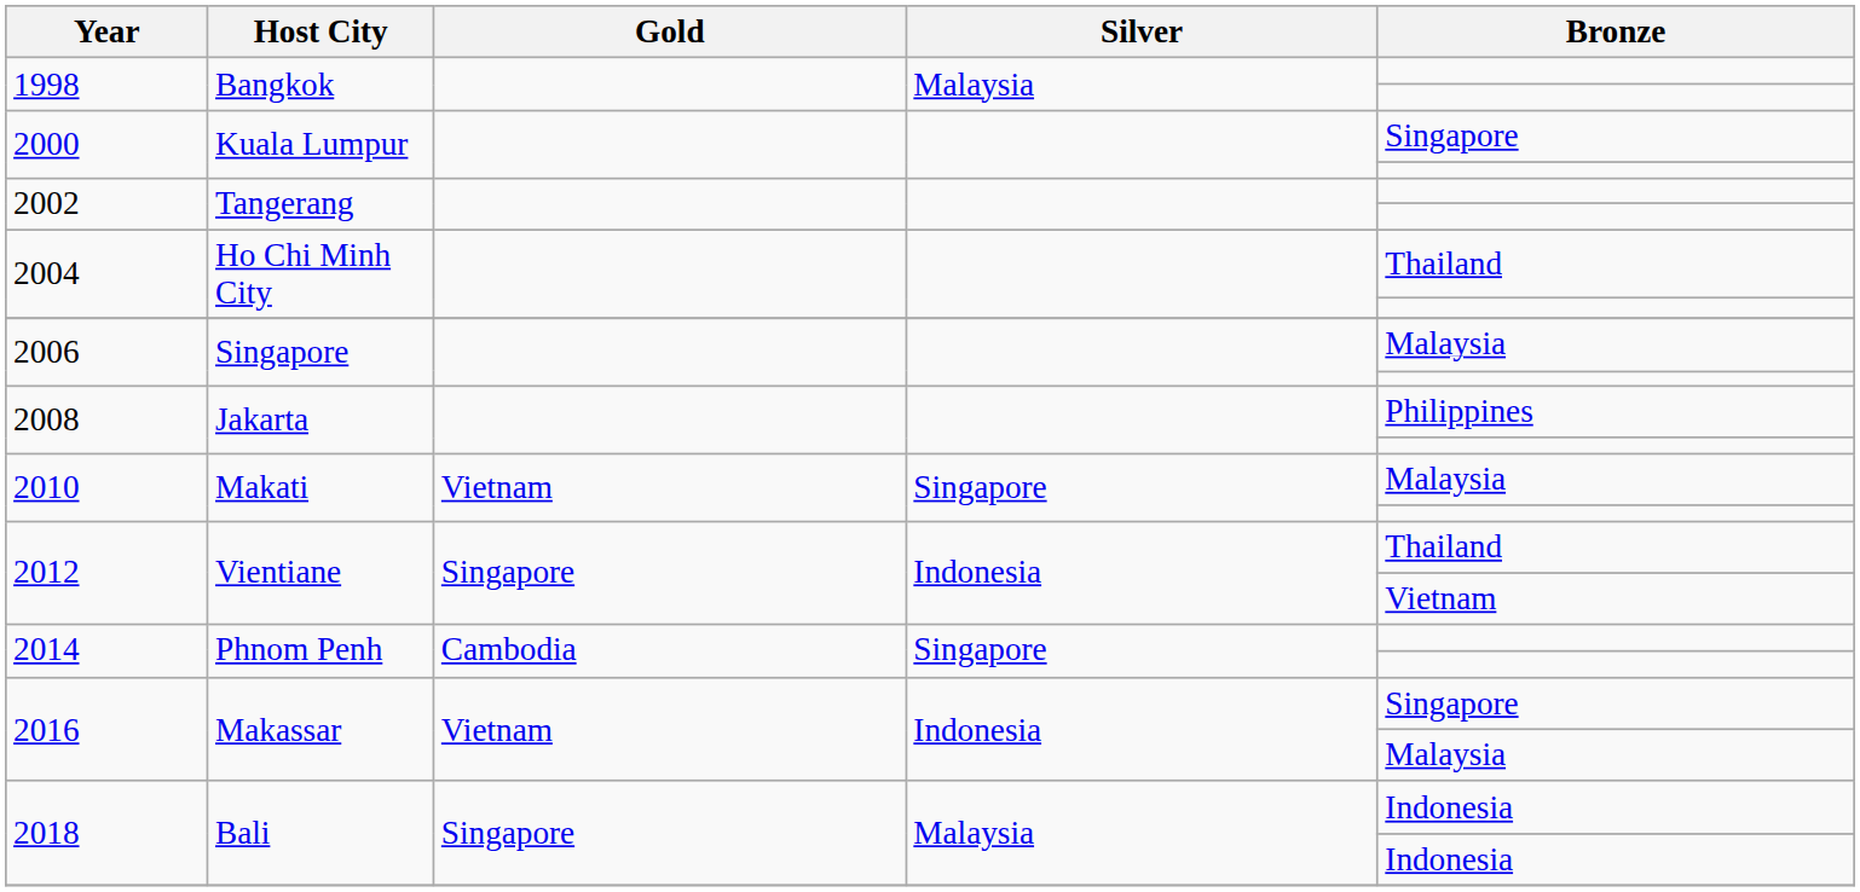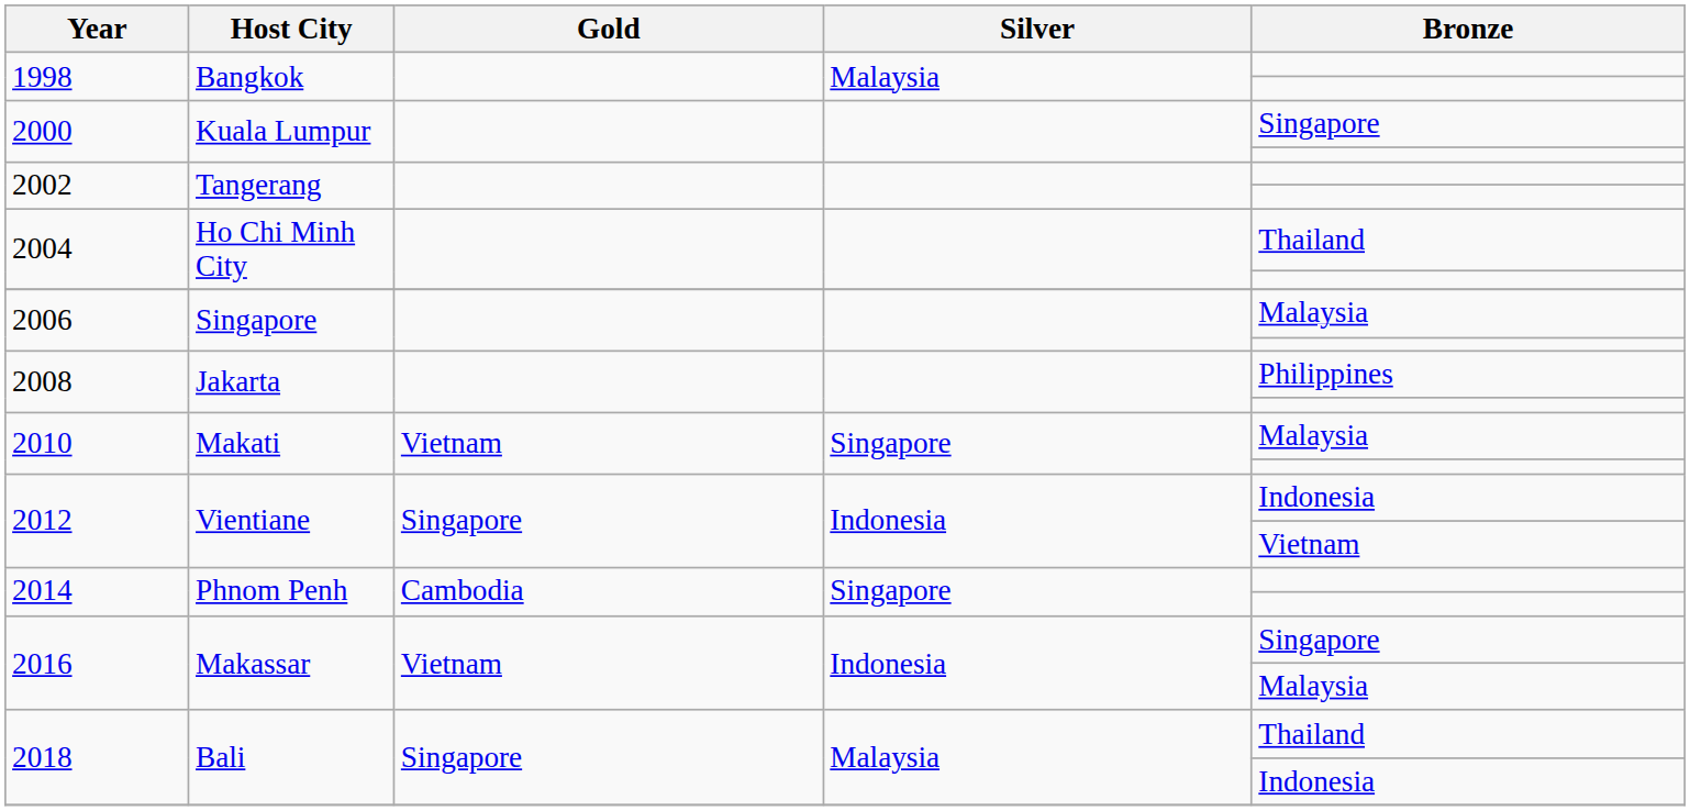 <table class="wikitable sortable" style="width:900px;">
 <tr>
 <th width="120">Year</th>
 <th width="120">Host City</th>
 <th width="300">Gold</th>
 <th width="300">Silver</th>
 <th width="300">Bronze</th>
 </tr>
 <tr>
 <td rowspan=2><a href='#'>1998</a></td>
 <td rowspan=2><a href='#'>Bangkok</a></td>
 <td rowspan=2></td>
 <td rowspan=2> <a href='#'>Malaysia</a></td>
 <td></td>
 </tr>
 <tr>
 <td></td>
 </tr>
 <tr>
 <td rowspan=2><a href='#'>2000</a></td>
 <td rowspan=2><a href='#'>Kuala Lumpur</a></td>
 <td rowspan=2></td>
 <td rowspan=2></td>
 <td> <a href='#'>Singapore</a></td>
 </tr>
 <tr>
 <td></td>
 </tr>
 <tr>
 <td rowspan=2>2002</td>
 <td rowspan=2><a href='#'>Tangerang</a></td>
 <td rowspan=2></td>
 <td rowspan=2></td>
 <td></td>
 </tr>
 <tr>
 <td></td>
 </tr>
 <tr>
 <td rowspan=2>2004</td>
 <td rowspan=2><a href='#'>Ho Chi Minh City</a></td>
 <td rowspan=2></td>
 <td rowspan=2></td>
 <td> <a href='#'>Thailand</a></td>
 </tr>
 <tr>
 <td></td>
 </tr>
 <tr>
 </tr>
 <tr>
 <td rowspan=2>2006</td>
 <td rowspan=2><a href='#'>Singapore</a></td>
 <td rowspan=2></td>
 <td rowspan=2></td>
 <td> <a href='#'>Malaysia</a></td>
 </tr>
 <tr>
 <td></td>
 </tr>
 <tr>
 <td rowspan=2>2008</td>
 <td rowspan=2><a href='#'>Jakarta</a></td>
 <td rowspan=2></td>
 <td rowspan=2></td>
 <td> <a href='#'>Philippines</a></td>
 </tr>
 <tr>
 <td></td>
 </tr>
 <tr>
 <td rowspan=2><a href='#'>2010</a></td>
 <td rowspan=2><a href='#'>Makati</a></td>
 <td rowspan=2> <a href='#'>Vietnam</a></td>
 <td rowspan=2> <a href='#'>Singapore</a></td>
 <td> <a href='#'>Malaysia</a></td>
 </tr>
 <tr>
 <td></td>
 </tr>
 <tr>
 <td rowspan=2><a href='#'>2012</a></td>
 <td rowspan=2><a href='#'>Vientiane</a></td>
 <td rowspan=2> <a href='#'>Singapore</a></td>
 <td rowspan=2> <a href='#'>Indonesia</a></td>
-<td> <a href='#'>Thailand</a></td>
+<td> <a href='#'>Indonesia</a></td>
 </tr>
 <tr>
 <td> <a href='#'>Vietnam</a></td>
 </tr>
 <tr>
 <td rowspan=2><a href='#'>2014</a></td>
 <td rowspan=2><a href='#'>Phnom Penh</a></td>
 <td rowspan=2> <a href='#'>Cambodia</a></td>
 <td rowspan=2> <a href='#'>Singapore</a></td>
 <td></td>
 </tr>
 <tr>
 <td></td>
 </tr>
 <tr>
 <td rowspan=2><a href='#'>2016</a></td>
 <td rowspan=2><a href='#'>Makassar</a></td>
 <td rowspan=2> <a href='#'>Vietnam</a></td>
 <td rowspan=2> <a href='#'>Indonesia</a></td>
 <td> <a href='#'>Singapore</a></td>
 </tr>
 <tr>
 <td> <a href='#'>Malaysia</a></td>
 </tr>
 <tr>
 <td rowspan=2><a href='#'>2018</a></td>
 <td rowspan=2><a href='#'>Bali</a></td>
 <td rowspan=2> <a href='#'>Singapore</a></td>
 <td rowspan=2> <a href='#'>Malaysia</a></td>
-<td> <a href='#'>Indonesia</a></td>
+<td> <a href='#'>Thailand</a></td>
 </tr>
 <tr>
 <td> <a href='#'>Indonesia</a></td>
 </tr>
 <tr>
 </tr>
 </table>
